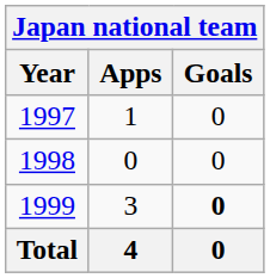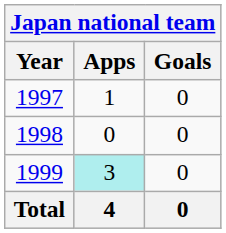 <table class="wikitable" style="text-align:center">
 <tr>
 <th colspan=3><a href='#'>Japan national team</a></th>
 </tr>
 <tr>
 <th>Year</th>
 <th>Apps</th>
 <th>Goals</th>
 </tr>
 <tr>
 <td><a href='#'>1997</a></td>
 <td>1</td>
 <td>0</td>
 </tr>
 <tr>
 <td><a href='#'>1998</a></td>
 <td>0</td>
 <td>0</td>
 </tr>
 <tr>
 <td><a href='#'>1999</a></td>
-<td>3</td>
-<td><strong>0</strong></td>
+<td style="background: paleturquoise;">3</td>
+<td>0</td>
 </tr>
 <tr>
 <th>Total</th>
 <th>4</th>
 <th>0</th>
 </tr>
 </table>
